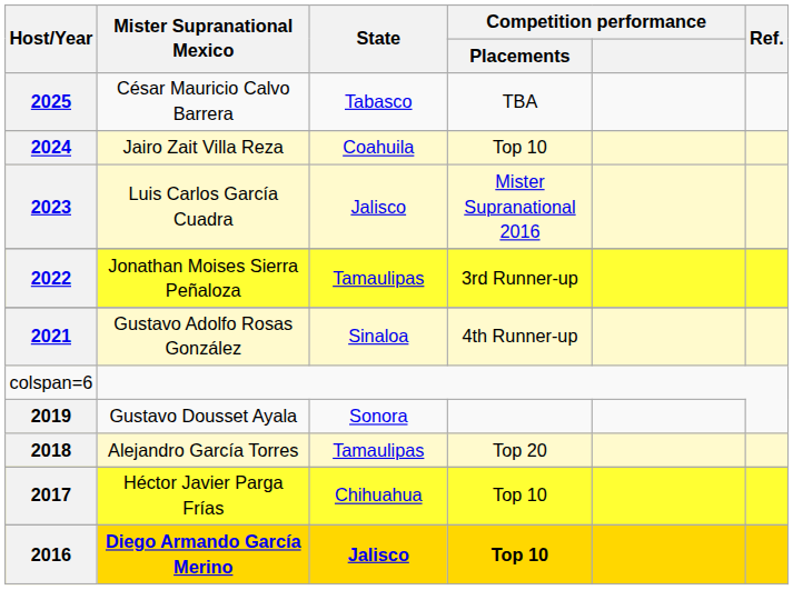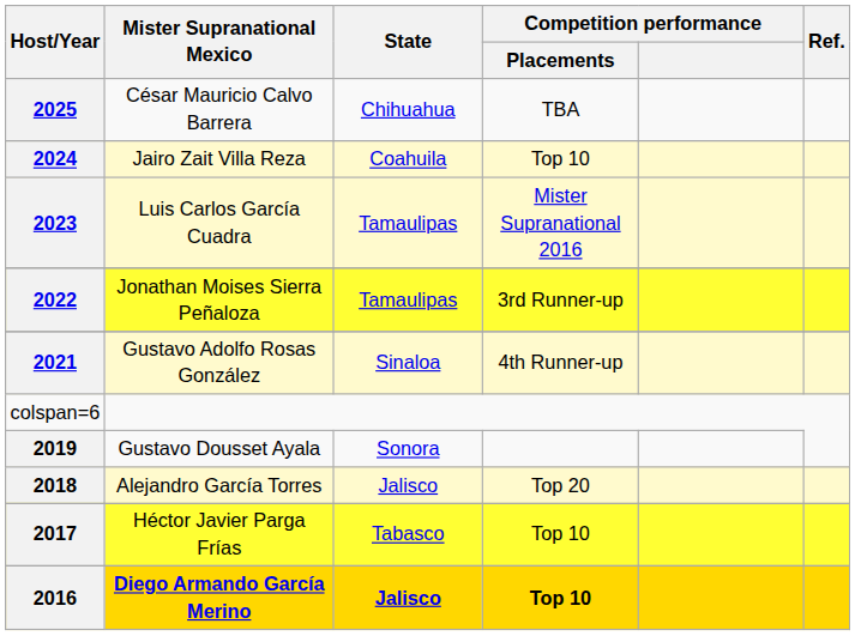 <table class="wikitable" style="text-align:center; line-height:20px; font-size:90%; width:100%;">
 <tr>
 <th rowspan="2"  width=1px>Host/Year</th>
 <th rowspan="2"  width=200px>Mister Supranational Mexico</th>
 <th rowspan="2"  width=120px>State</th>
 <th colspan="2"  width=1px>Competition performance</th>
 <th rowspan="2"  width=1px>Ref.</th>
 </tr>
 <tr>
 <th width=120px>Placements</th>
 <th width=180px></th>
 </tr>
 <tr>
 <th> <a href='#'>2025</a></th>
 <td>César Mauricio Calvo Barrera</td>
-<td><a href='#'>Tabasco</a></td>
+<td><a href='#'>Chihuahua</a></td>
 <td>TBA</td>
 <td style="background:;"></td>
 <td></td>
 </tr>
 <tr>
 </tr>
 <tr style="background-color:#FFFACD">
 <th> <a href='#'>2024</a></th>
 <td>Jairo Zait Villa Reza</td>
 <td><a href='#'>Coahuila</a></td>
 <td>Top 10</td>
 <td style="background:;"></td>
 <td></td>
 </tr>
 <tr style="background-color:#FFFACD">
 <th> <a href='#'>2023</a></th>
 <td>Luis Carlos García Cuadra</td>
-<td><a href='#'>Jalisco</a></td>
+<td><a href='#'>Tamaulipas</a></td>
 <td><a href='#'>Mister Supranational 2016</a></td>
 <td style="background:;"></td>
 <td></td>
 </tr>
 <tr>
 </tr>
 <tr style="background-color:#FFFF33">
 <th> <a href='#'>2022</a></th>
 <td>Jonathan Moises Sierra Peñaloza</td>
 <td><a href='#'>Tamaulipas</a></td>
 <td>3rd Runner-up</td>
 <td style="background:;"></td>
 <td></td>
 </tr>
 <tr>
 </tr>
 <tr style="background-color:#FFFACD">
 <th> <a href='#'>2021</a></th>
 <td>Gustavo Adolfo Rosas González</td>
 <td><a href='#'>Sinaloa</a></td>
 <td>4th Runner-up</td>
 <td style="background:;"></td>
 <td></td>
 </tr>
 <tr>
 <td>colspan=6 </td>
 </tr>
 <tr>
 <th> 2019</th>
 <td>Gustavo Dousset Ayala</td>
 <td><a href='#'>Sonora</a></td>
 <td></td>
 <td></td>
 </tr>
 <tr style="background-color:#FFFACD">
 <th> 2018</th>
 <td>Alejandro García Torres</td>
-<td><a href='#'>Tamaulipas</a></td>
+<td><a href='#'>Jalisco</a></td>
 <td>Top 20</td>
 <td style="background:;"></td>
 <td></td>
 </tr>
 <tr>
 </tr>
 <tr style="background-color:#FFFF33">
 <th> 2017</th>
 <td>Héctor Javier Parga Frías</td>
-<td><a href='#'>Chihuahua</a></td>
+<td><a href='#'>Tabasco</a></td>
 <td>Top 10</td>
 <td style="background:;"></td>
 <td></td>
 </tr>
 <tr>
 </tr>
 <tr style="background-color:gold; font-weight: bold">
 <th> 2016</th>
 <td><a href='#'>Diego Armando García Merino</a></td>
 <td><a href='#'>Jalisco</a></td>
 <td>Top 10</td>
 <td style="background:;"></td>
 <td></td>
 </tr>
 </table>
